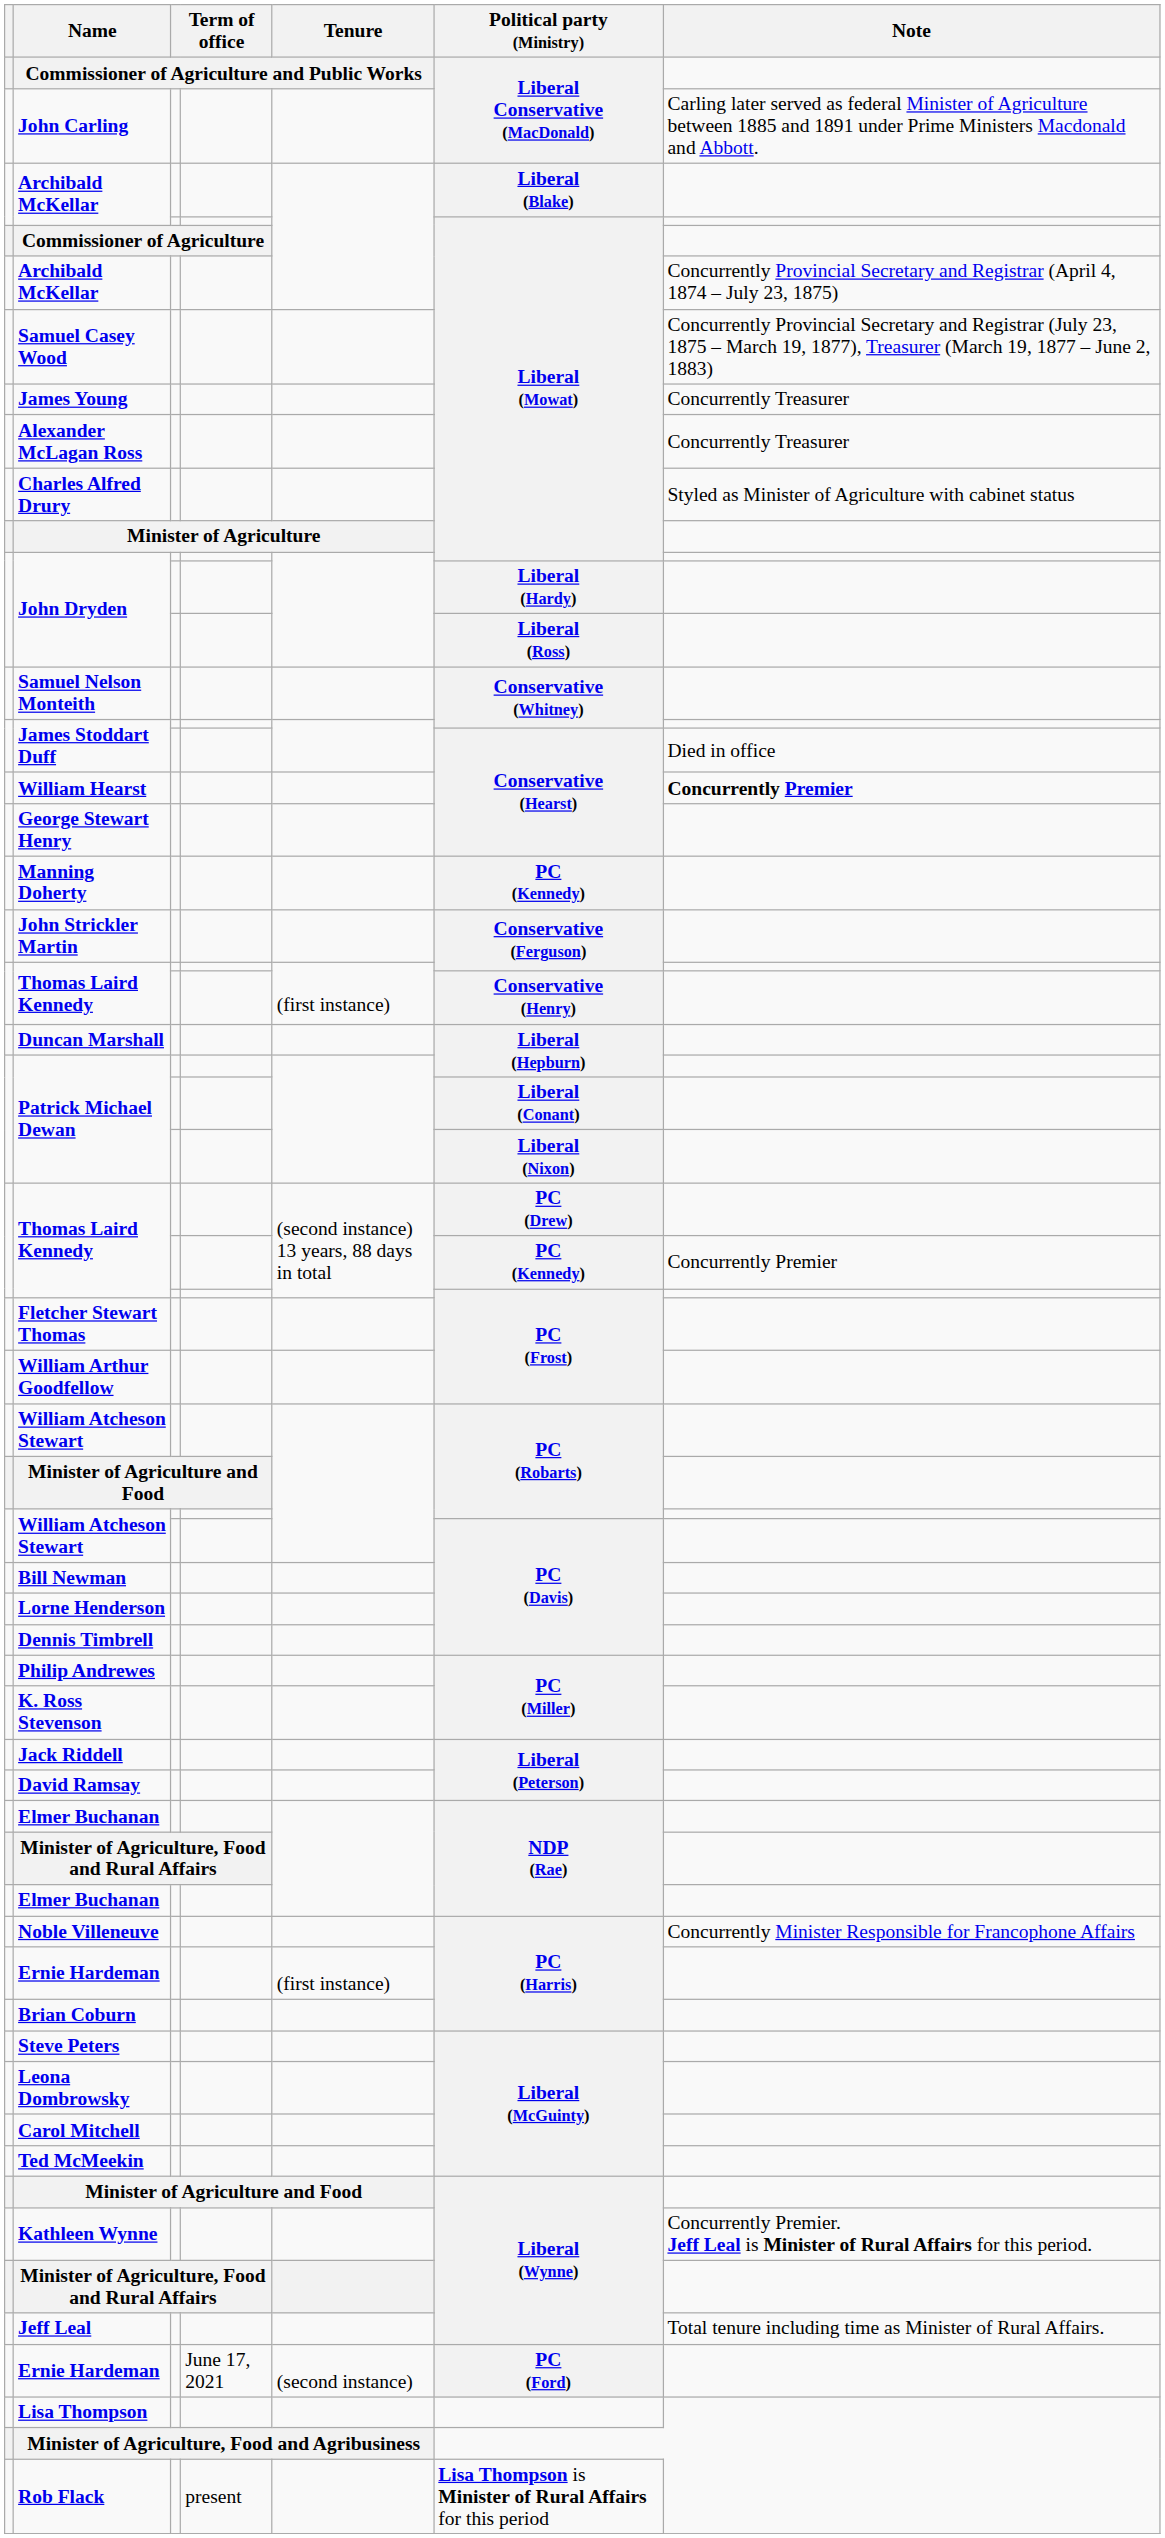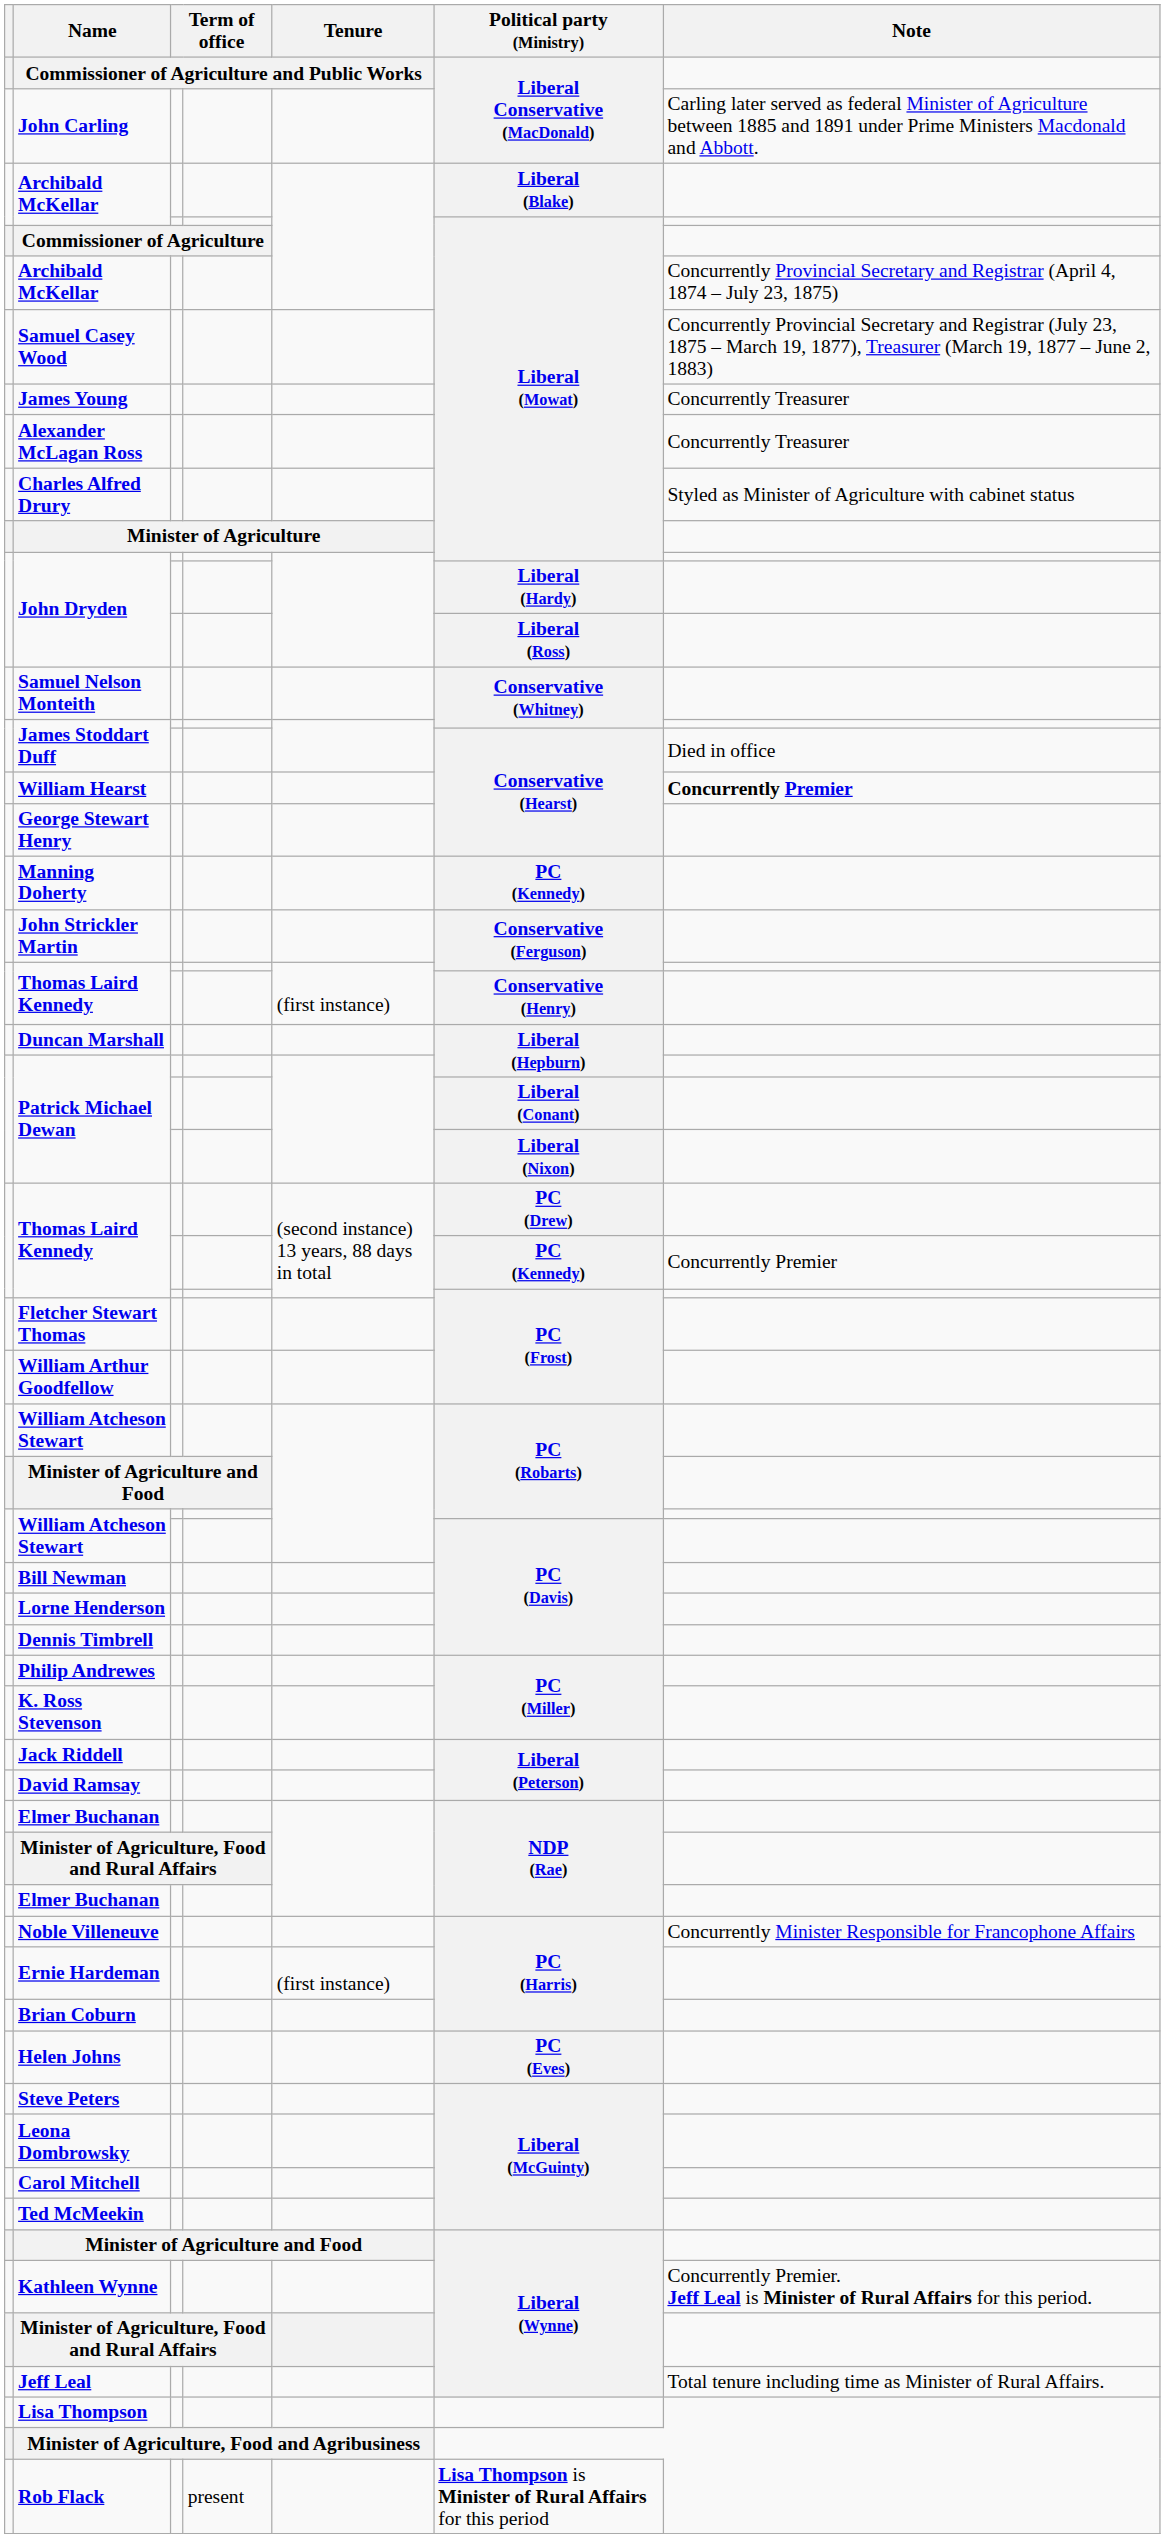 <table class="wikitable" style="width: 75%">
 <tr>
 <th></th>
 <th>Name</th>
 <th colspan=2; style="width: 125px;">Term of office</th>
 <th style="width: 125px;">Tenure</th>
 <th>Political party<br><small>(Ministry)</small></th>
 <th style="width: 400px;">Note</th>
 </tr>
 <tr>
 <th></th>
 <th colspan=4>Commissioner of Agriculture and Public Works</th>
 <th rowspan=2; style="background:"><a href='#'>Liberal<br>Conservative</a><br><small>(<a href='#'>MacDonald</a>)</small></th>
 </tr>
 <tr>
 <td style="background:"></td>
 <td><strong><a href='#'>John Carling</a></strong></td>
 <td></td>
 <td></td>
 <td></td>
 <td>Carling later served as federal <a href='#'>Minister of Agriculture</a> between 1885 and 1891 under Prime Ministers <a href='#'>Macdonald</a> and <a href='#'>Abbott</a>.</td>
 </tr>
 <tr>
 <td rowspan=2; style="background:"></td>
 <td rowspan=2><strong><a href='#'>Archibald McKellar</a></strong></td>
 <td></td>
 <td></td>
 <td rowspan=4></td>
 <th style="background:"><a href='#'>Liberal</a><br><small>(<a href='#'>Blake</a>)</small></th>
 <td></td>
 </tr>
 <tr>
 <td></td>
 <td></td>
 <th rowspan=9; style="background:"><a href='#'>Liberal</a><br><small>(<a href='#'>Mowat</a>)</small></th>
 <td></td>
 </tr>
 <tr>
 <th></th>
 <th colspan=3>Commissioner of Agriculture</th>
 <td></td>
 </tr>
 <tr>
 <td style="background:"></td>
 <td><strong><a href='#'>Archibald McKellar</a></strong></td>
 <td></td>
 <td></td>
 <td>Concurrently <a href='#'>Provincial Secretary and Registrar</a> (April 4, 1874 – July 23, 1875)</td>
 </tr>
 <tr>
 <td style="background:"></td>
 <td><strong><a href='#'>Samuel Casey Wood</a></strong></td>
 <td></td>
 <td></td>
 <td></td>
 <td>Concurrently Provincial Secretary and Registrar (July 23, 1875 – March 19, 1877), <a href='#'>Treasurer</a> (March 19, 1877 – June 2, 1883)</td>
 </tr>
 <tr>
 <td style="background:"></td>
 <td><strong><a href='#'>James Young</a></strong></td>
 <td></td>
 <td></td>
 <td></td>
 <td>Concurrently Treasurer</td>
 </tr>
 <tr>
 <td style="background:"></td>
 <td><strong><a href='#'>Alexander McLagan Ross</a></strong></td>
 <td></td>
 <td></td>
 <td></td>
 <td>Concurrently Treasurer</td>
 </tr>
 <tr>
 <td style="background:"></td>
 <td><strong><a href='#'>Charles Alfred Drury</a></strong></td>
 <td></td>
 <td></td>
 <td></td>
 <td>Styled as Minister of Agriculture with cabinet status</td>
 </tr>
 <tr>
 <th></th>
 <th colspan=4>Minister of Agriculture</th>
 <td></td>
 </tr>
 <tr>
 <td rowspan=3; style="background:"></td>
 <td rowspan=3><strong><a href='#'>John Dryden</a></strong></td>
 <td></td>
 <td></td>
 <td rowspan=3></td>
 <td></td>
 </tr>
 <tr>
 <td></td>
 <td></td>
 <th style="background:"><a href='#'>Liberal</a><br><small>(<a href='#'>Hardy</a>)</small></th>
 <td></td>
 </tr>
 <tr>
 <td></td>
 <td></td>
 <th style="background:"><a href='#'>Liberal</a><br><small>(<a href='#'>Ross</a>)</small></th>
 <td></td>
 </tr>
 <tr>
 <td style="background:"></td>
 <td><strong><a href='#'>Samuel Nelson Monteith</a></strong></td>
 <td></td>
 <td></td>
 <td></td>
 <th rowspan=2; style="background:"><a href='#'>Conservative</a><br><small>(<a href='#'>Whitney</a>)</small></th>
 <td></td>
 </tr>
 <tr>
 <td rowspan=2; style="background:"></td>
 <td rowspan=2><strong><a href='#'>James Stoddart Duff</a></strong></td>
 <td></td>
 <td></td>
 <td rowspan=2></td>
 <td></td>
 </tr>
 <tr>
 <td></td>
 <td></td>
 <th rowspan=3; style="background:"><a href='#'>Conservative</a><br><small>(<a href='#'>Hearst</a>)</small></th>
 <td>Died in office</td>
 </tr>
 <tr>
 <td style="background:"></td>
 <td><strong><a href='#'>William Hearst</a></strong></td>
 <td></td>
 <td></td>
 <td></td>
 <td><strong>Concurrently <a href='#'>Premier</a></strong></td>
 </tr>
 <tr>
 <td style="background:"></td>
 <td><strong><a href='#'>George Stewart Henry</a></strong></td>
 <td></td>
 <td></td>
 <td></td>
 <td></td>
 </tr>
 <tr>
 <td style="background:"></td>
 <td><strong><a href='#'>Manning Doherty</a></strong></td>
 <td></td>
 <td></td>
 <td></td>
 <th style="background:"><a href='#'>PC</a><br><small>(<a href='#'>Kennedy</a>)</small></th>
 <td></td>
 </tr>
 <tr>
 <td style="background:"></td>
 <td><strong><a href='#'>John Strickler Martin</a></strong></td>
 <td></td>
 <td></td>
 <td></td>
 <th rowspan=2; style="background:"><a href='#'>Conservative</a><br><small>(<a href='#'>Ferguson</a>)</small></th>
 <td></td>
 </tr>
 <tr>
 <td rowspan=2; style="background:"></td>
 <td rowspan=2><strong><a href='#'>Thomas Laird Kennedy</a></strong></td>
 <td></td>
 <td></td>
 <td rowspan=2><br>(first instance)</td>
 <td></td>
 </tr>
 <tr>
 <td></td>
 <td></td>
 <th style="background:"><a href='#'>Conservative</a><br><small>(<a href='#'>Henry</a>)</small></th>
 <td></td>
 </tr>
 <tr>
 <td style="background:"></td>
 <td><strong><a href='#'>Duncan Marshall</a></strong></td>
 <td></td>
 <td></td>
 <td></td>
 <th rowspan=2; style="background:"><a href='#'>Liberal</a><br><small>(<a href='#'>Hepburn</a>)</small></th>
 <td></td>
 </tr>
 <tr>
 <td rowspan=3; style="background:"></td>
 <td rowspan=3><strong><a href='#'>Patrick Michael Dewan</a></strong></td>
 <td></td>
 <td></td>
 <td rowspan=3></td>
 <td></td>
 </tr>
 <tr>
 <td></td>
 <td></td>
 <th style="background:"><a href='#'>Liberal</a><br><small>(<a href='#'>Conant</a>)</small></th>
 <td></td>
 </tr>
 <tr>
 <td></td>
 <td></td>
 <th style="background:"><a href='#'>Liberal</a><br><small>(<a href='#'>Nixon</a>)</small></th>
 <td></td>
 </tr>
 <tr>
 <td rowspan=3; style="background:"></td>
 <td rowspan=3><strong><a href='#'>Thomas Laird Kennedy</a></strong></td>
 <td></td>
 <td></td>
 <td rowspan=3><br>(second instance)<br>13 years, 88 days in total</td>
 <th style="background:"><a href='#'>PC</a><br><small>(<a href='#'>Drew</a>)</small></th>
 <td></td>
 </tr>
 <tr>
 <td></td>
 <td></td>
 <th style="background:"><a href='#'>PC</a><br><small>(<a href='#'>Kennedy</a>)</small></th>
 <td>Concurrently Premier</td>
 </tr>
 <tr>
 <td></td>
 <td></td>
 <th rowspan=3; style="background:"><a href='#'>PC</a><br><small>(<a href='#'>Frost</a>)</small></th>
 <td></td>
 </tr>
 <tr>
 <td style="background:"></td>
 <td><strong><a href='#'>Fletcher Stewart Thomas</a></strong></td>
 <td></td>
 <td></td>
 <td></td>
 <td></td>
 </tr>
 <tr>
 <td style="background:"></td>
 <td><strong><a href='#'>William Arthur Goodfellow</a></strong></td>
 <td></td>
 <td></td>
 <td></td>
 <td></td>
 </tr>
 <tr>
 <td style="background:"></td>
 <td><strong><a href='#'>William Atcheson Stewart</a></strong></td>
 <td></td>
 <td></td>
 <td rowspan=4></td>
 <th rowspan=3; style="background:"><a href='#'>PC</a><br><small>(<a href='#'>Robarts</a>)</small></th>
 <td></td>
 </tr>
 <tr>
 <th></th>
 <th colspan=3>Minister of Agriculture and Food</th>
 <td></td>
 </tr>
 <tr>
 <td rowspan=2; style="background:"></td>
 <td rowspan=2><strong><a href='#'>William Atcheson Stewart</a></strong></td>
 <td></td>
 <td></td>
 <td></td>
 </tr>
 <tr>
 <td></td>
 <td></td>
 <th rowspan=4; style="background:"><a href='#'>PC</a><br><small>(<a href='#'>Davis</a>)</small></th>
 <td></td>
 </tr>
 <tr>
 <td style="background:"></td>
 <td><strong><a href='#'>Bill Newman</a></strong></td>
 <td></td>
 <td></td>
 <td></td>
 <td></td>
 </tr>
 <tr>
 <td style="background:"></td>
 <td><strong><a href='#'>Lorne Henderson</a></strong></td>
 <td></td>
 <td></td>
 <td></td>
 <td></td>
 </tr>
 <tr>
 <td style="background:"></td>
 <td><strong><a href='#'>Dennis Timbrell</a></strong></td>
 <td></td>
 <td></td>
 <td></td>
 <td></td>
 </tr>
 <tr>
 <td style="background:"></td>
 <td><strong><a href='#'>Philip Andrewes</a></strong></td>
 <td></td>
 <td></td>
 <td></td>
 <th rowspan=2; style="background:"><a href='#'>PC</a><br><small>(<a href='#'>Miller</a>)</small></th>
 <td></td>
 </tr>
 <tr>
 <td style="background:"></td>
 <td><strong><a href='#'>K. Ross Stevenson</a></strong></td>
 <td></td>
 <td></td>
 <td></td>
 <td></td>
 </tr>
 <tr>
 <td style="background:"></td>
 <td><strong><a href='#'>Jack Riddell</a></strong></td>
 <td></td>
 <td></td>
 <td></td>
 <th rowspan=2; style="background:"><a href='#'>Liberal</a><br><small>(<a href='#'>Peterson</a>)</small></th>
 <td></td>
 </tr>
 <tr>
 <td style="background:"></td>
 <td><strong><a href='#'>David Ramsay</a></strong></td>
 <td></td>
 <td></td>
 <td></td>
 <td></td>
 </tr>
 <tr>
 <td style="background:"></td>
 <td><strong><a href='#'>Elmer Buchanan</a></strong></td>
 <td></td>
 <td></td>
 <td rowspan=3></td>
 <th rowspan=3 ; style="background:"><a href='#'>NDP</a><br><small>(<a href='#'>Rae</a>)</small></th>
 <td></td>
 </tr>
 <tr>
 <th></th>
 <th colspan=3>Minister of Agriculture, Food and Rural Affairs</th>
 </tr>
 <tr>
 <td style="background:"></td>
 <td><strong><a href='#'>Elmer Buchanan</a></strong></td>
 <td></td>
 <td></td>
 <td></td>
 </tr>
 <tr>
 <td style="background:"></td>
 <td><strong><a href='#'>Noble Villeneuve</a></strong></td>
 <td></td>
 <td></td>
 <td></td>
 <th rowspan=3 ; style="background:"><a href='#'>PC</a><br><small>(<a href='#'>Harris</a>)</small></th>
 <td>Concurrently <a href='#'>Minister Responsible for Francophone Affairs</a></td>
 </tr>
 <tr>
 <td style="background:"></td>
 <td><strong><a href='#'>Ernie Hardeman</a></strong></td>
 <td></td>
 <td></td>
 <td><br>(first instance)</td>
 <td></td>
 </tr>
 <tr>
 <td style="background:"></td>
 <td><strong><a href='#'>Brian Coburn</a></strong></td>
 <td></td>
 <td></td>
 <td></td>
 <td></td>
 </tr>
 <tr>
 <td style="background:"></td>
+<td><strong><a href='#'>Helen Johns</a></strong></td>
+<td></td>
+<td></td>
+<td></td>
+<th style="background:"><a href='#'>PC</a><br><small>(<a href='#'>Eves</a>)</small></th>
+<td></td>
+</tr>
+<tr>
+<td style="background:"></td>
 <td><strong><a href='#'>Steve Peters</a></strong></td>
 <td></td>
 <td></td>
 <td></td>
 <th rowspan=4; style="background:"><a href='#'>Liberal</a><br><small>(<a href='#'>McGuinty</a>)</small></th>
 <td></td>
 </tr>
 <tr>
 <td style="background:"></td>
 <td><strong><a href='#'>Leona Dombrowsky</a></strong></td>
 <td></td>
 <td></td>
 <td></td>
 <td></td>
 </tr>
 <tr>
 <td style="background:"></td>
 <td><strong><a href='#'>Carol Mitchell</a></strong></td>
 <td></td>
 <td></td>
 <td></td>
 <td></td>
 </tr>
 <tr>
 <td style="background:"></td>
 <td><strong><a href='#'>Ted McMeekin</a></strong></td>
 <td></td>
 <td></td>
 <td></td>
 <td></td>
 </tr>
 <tr>
 <th></th>
 <th colspan=4>Minister of Agriculture and Food</th>
 <th rowspan=4; style="background:"><a href='#'>Liberal</a><br><small>(<a href='#'>Wynne</a>)</small></th>
 </tr>
 <tr>
 <td style="background:"></td>
 <td><strong><a href='#'>Kathleen Wynne</a></strong></td>
 <td></td>
 <td></td>
 <td></td>
 <td>Concurrently Premier. <br> <strong><a href='#'>Jeff Leal</a></strong> is <strong>Minister of Rural Affairs</strong> for this period.</td>
 </tr>
 <tr>
 <th></th>
 <th colspan=3>Minister of Agriculture, Food and Rural Affairs</th>
 <th></th>
 </tr>
 <tr>
 <td style="background:"></td>
 <td><strong><a href='#'>Jeff Leal</a></strong></td>
 <td></td>
 <td></td>
 <td></td>
 <td>Total tenure  including time as Minister of Rural Affairs.</td>
 </tr>
 <tr>
 <td style="background:"></td>
-<td><strong><a href='#'>Ernie Hardeman</a></strong></td>
-<td></td>
-<td>June 17, 2021</td>
-<td><br>(second instance)</td>
-<th style="background:"><a href='#'>PC</a><br><small>(<a href='#'>Ford</a>)</small></th>
-<td></td>
-</tr>
-<tr>
-<td style="background:"></td>
 <td><strong><a href='#'>Lisa Thompson</a></strong></td>
 <td></td>
 <td></td>
 <td></td>
 <td></td>
 </tr>
 <tr>
 <th></th>
 <th colspan=4>Minister of Agriculture, Food and Agribusiness</th>
 </tr>
 <tr>
 <td style="background:"></td>
 <td><strong><a href='#'>Rob Flack</a></strong></td>
 <td></td>
 <td>present</td>
 <td></td>
 <td><strong><a href='#'>Lisa Thompson</a></strong> is <strong>Minister of Rural Affairs</strong> for this period</td>
 </tr>
 <tr>
 </tr>
 </table>
